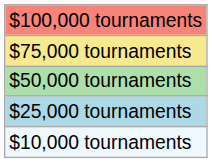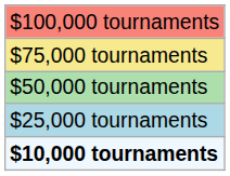 <table class="wikitable" style="font-size:90%;">
 <tr style="background:#f88379;">
 <td>$100,000 tournaments</td>
 </tr>
 <tr style="background:#f7e98e;">
 <td>$75,000 tournaments</td>
 </tr>
 <tr style="background:#addfad;">
 <td>$50,000 tournaments</td>
 </tr>
 <tr style="background:lightblue;">
 <td>$25,000 tournaments</td>
 </tr>
 <tr style="background:#f0f8ff;">
-<td>$10,000 tournaments</td>
+<td><strong>$10,000 tournaments</strong></td>
 </tr>
 </table>
